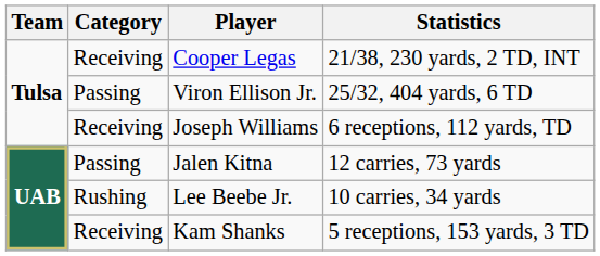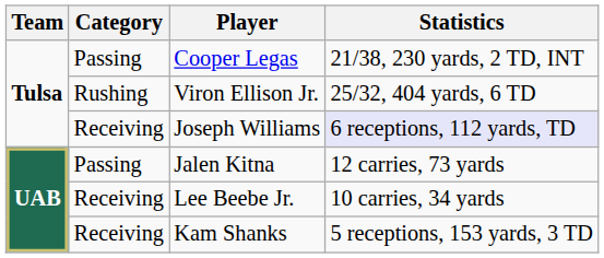 <table class="wikitable" style="float: right;">
 <tr>
 <th>Team</th>
 <th>Category</th>
 <th>Player</th>
 <th>Statistics</th>
 </tr>
 <tr>
 <td rowspan=3><strong>Tulsa</strong></td>
-<td>Receiving</td>
+<td>Passing</td>
 <td><a href='#'>Cooper Legas</a></td>
 <td>21/38, 230 yards, 2 TD, INT</td>
 </tr>
 <tr>
-<td>Passing</td>
+<td>Rushing</td>
 <td>Viron Ellison Jr.</td>
 <td>25/32, 404 yards, 6 TD</td>
 </tr>
 <tr>
 <td>Receiving</td>
 <td>Joseph Williams</td>
-<td>6 receptions, 112 yards, TD</td>
+<td style="background: lavender;">6 receptions, 112 yards, TD</td>
 </tr>
 <tr>
 <td rowspan=3 style="background-color:#1E6B52;color:#FFFFFF;box-shadow: inset 2px 2px 0 #CDC26C, inset -2px -2px 0 #CDC26C; text-align:center;"><strong>UAB</strong></td>
 <td>Passing</td>
 <td>Jalen Kitna</td>
 <td>12 carries, 73 yards</td>
 </tr>
 <tr>
-<td>Rushing</td>
+<td>Receiving</td>
 <td>Lee Beebe Jr.</td>
 <td>10 carries, 34 yards</td>
 </tr>
 <tr>
 <td>Receiving</td>
 <td>Kam Shanks</td>
 <td>5 receptions, 153 yards, 3 TD</td>
 </tr>
 </table>
